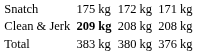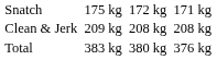 <table>
 <tr>
 <td>Snatch</td>
 <td></td>
 <td>175 kg</td>
 <td></td>
 <td>172 kg</td>
 <td></td>
 <td>171 kg</td>
 </tr>
 <tr>
 <td>Clean & Jerk</td>
 <td></td>
-<td><strong>209 kg</strong></td>
+<td>209 kg</td>
 <td></td>
 <td>208 kg</td>
 <td></td>
 <td>208 kg</td>
 </tr>
 <tr>
 <td>Total</td>
 <td></td>
 <td>383 kg</td>
 <td></td>
 <td>380 kg</td>
 <td></td>
 <td>376 kg</td>
 </tr>
 </table>
